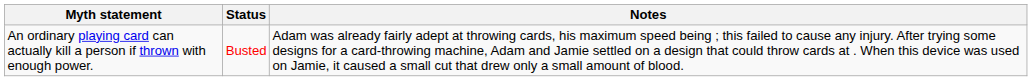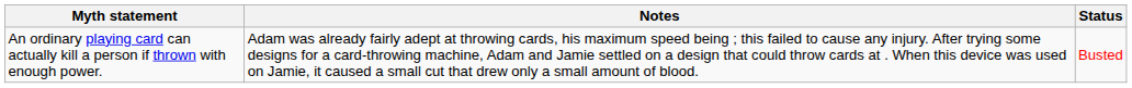 <table class="wikitable plainrowheaders">
 <tr>
 <th>Myth statement</th>
+<th>Notes</th>
 <th>Status</th>
-<th>Notes</th>
 </tr>
 <tr>
 <td>An ordinary <a href='#'>playing card</a> can actually kill a person if <a href='#'>thrown</a> with enough power.</td>
+<td>Adam was already fairly adept at throwing cards, his maximum speed being ; this failed to cause any injury. After trying some designs for a card-throwing machine, Adam and Jamie settled on a design that could throw cards at . When this device was used on Jamie, it caused a small cut that drew only a small amount of blood.</td>
 <td style="color:red">Busted</td>
-<td>Adam was already fairly adept at throwing cards, his maximum speed being ; this failed to cause any injury. After trying some designs for a card-throwing machine, Adam and Jamie settled on a design that could throw cards at . When this device was used on Jamie, it caused a small cut that drew only a small amount of blood.</td>
 </tr>
 </table>
